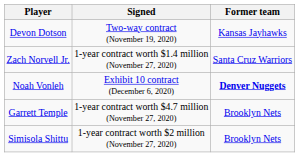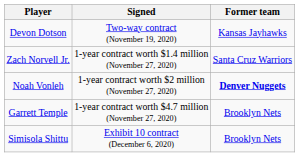 <table class="wikitable sortable sortable" style="text-align: center">
 <tr>
 <th>Player</th>
 <th>Signed</th>
 <th>Former team</th>
 </tr>
 <tr>
 <td><a href='#'>Devon Dotson</a></td>
 <td><a href='#'>Two-way contract</a><br><small>(November 19, 2020)</small></td>
 <td><a href='#'>Kansas Jayhawks</a></td>
 </tr>
 <tr>
 <td><a href='#'>Zach Norvell Jr.</a></td>
 <td>1-year contract worth $1.4 million<br><small>(November 27, 2020)</small></td>
 <td><a href='#'>Santa Cruz Warriors</a></td>
 </tr>
 <tr>
 <td><a href='#'>Noah Vonleh</a></td>
-<td><a href='#'>Exhibit 10 contract</a><br><small>(December 6, 2020)</small></td>
+<td>1-year contract worth $2 million<br><small>(November 27, 2020)</small></td>
 <td><strong><a href='#'>Denver Nuggets</a></strong></td>
 </tr>
 <tr>
 <td><a href='#'>Garrett Temple</a></td>
 <td>1-year contract worth $4.7 million<br><small>(November 27, 2020)</small></td>
 <td><a href='#'>Brooklyn Nets</a></td>
 </tr>
 <tr>
 <td><a href='#'>Simisola Shittu</a></td>
-<td>1-year contract worth $2 million<br><small>(November 27, 2020)</small></td>
+<td><a href='#'>Exhibit 10 contract</a><br><small>(December 6, 2020)</small></td>
 <td><a href='#'>Brooklyn Nets</a></td>
 </tr>
 </table>
